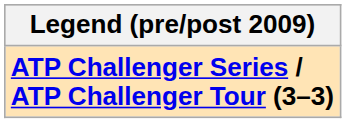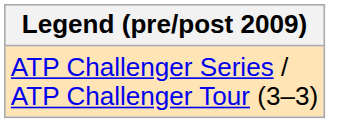 <table class="wikitable">
 <tr>
 <th>Legend (pre/post 2009)</th>
 </tr>
 <tr style="background:moccasin">
-<td><strong><a href='#'>ATP Challenger Series</a> /<br><a href='#'>ATP Challenger Tour</a> (3–3)</strong></td>
+<td><a href='#'>ATP Challenger Series</a> /<br><a href='#'>ATP Challenger Tour</a> (3–3)</td>
 </tr>
 </table>
